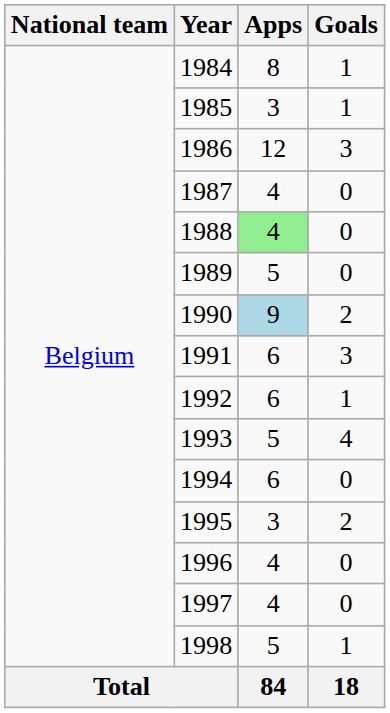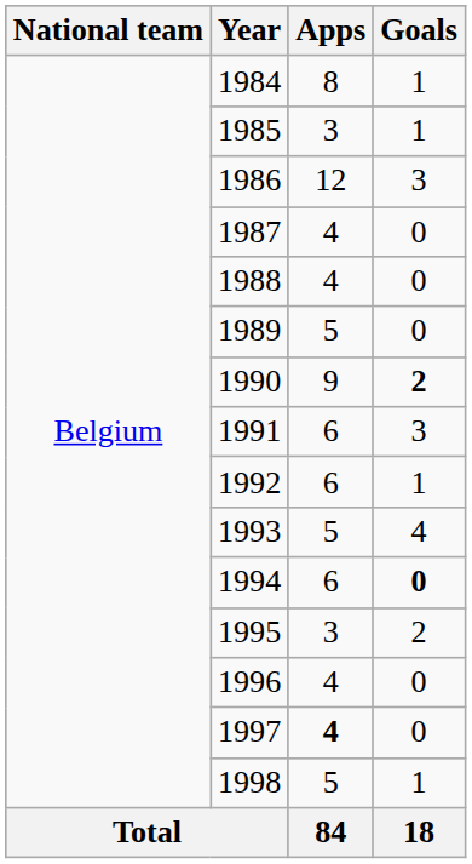 <table class="wikitable" style="text-align:center">
 <tr>
 <th>National team</th>
 <th>Year</th>
 <th>Apps</th>
 <th>Goals</th>
 </tr>
 <tr>
 <td rowspan="15"><a href='#'>Belgium</a></td>
 <td>1984</td>
 <td>8</td>
 <td>1</td>
 </tr>
 <tr>
 <td>1985</td>
 <td>3</td>
 <td>1</td>
 </tr>
 <tr>
 <td>1986</td>
 <td>12</td>
 <td>3</td>
 </tr>
 <tr>
 <td>1987</td>
 <td>4</td>
 <td>0</td>
 </tr>
 <tr>
 <td>1988</td>
-<td style="background: lightgreen;">4</td>
+<td>4</td>
 <td>0</td>
 </tr>
 <tr>
 <td>1989</td>
 <td>5</td>
 <td>0</td>
 </tr>
 <tr>
 <td>1990</td>
-<td style="background: lightblue;">9</td>
-<td>2</td>
+<td>9</td>
+<td><strong>2</strong></td>
 </tr>
 <tr>
 <td>1991</td>
 <td>6</td>
 <td>3</td>
 </tr>
 <tr>
 <td>1992</td>
 <td>6</td>
 <td>1</td>
 </tr>
 <tr>
 <td>1993</td>
 <td>5</td>
 <td>4</td>
 </tr>
 <tr>
 <td>1994</td>
 <td>6</td>
-<td>0</td>
+<td><strong>0</strong></td>
 </tr>
 <tr>
 <td>1995</td>
 <td>3</td>
 <td>2</td>
 </tr>
 <tr>
 <td>1996</td>
 <td>4</td>
 <td>0</td>
 </tr>
 <tr>
 <td>1997</td>
-<td>4</td>
+<td><strong>4</strong></td>
 <td>0</td>
 </tr>
 <tr>
 <td>1998</td>
 <td>5</td>
 <td>1</td>
 </tr>
 <tr>
 <th colspan="2">Total</th>
 <th>84</th>
 <th>18</th>
 </tr>
 </table>
